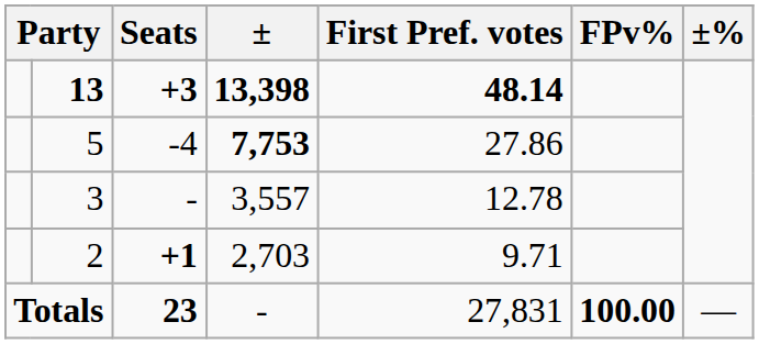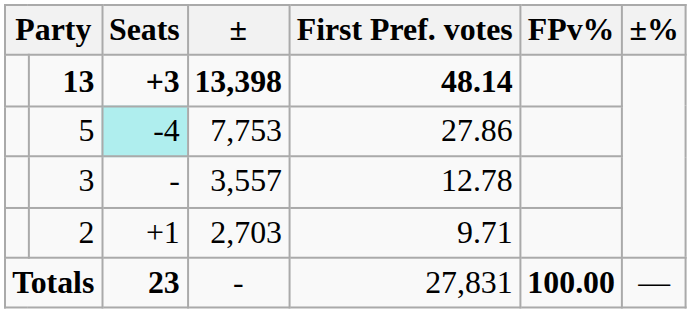 <table class="wikitable sortable" border="1">
 <tr>
 <th colspan=2 align=center>Party</th>
 <th valign=top>Seats</th>
 <th valign=top>±</th>
 <th valign=top>First Pref. votes</th>
 <th valign=top>FPv%</th>
 <th valign=top>±%</th>
 </tr>
 <tr>
 <td></td>
 <td align=right><strong>13</strong></td>
 <td align=right><strong>+3</strong></td>
 <td align=right><strong>13,398</strong></td>
 <td align=right><strong>48.14</strong></td>
 <td align=right></td>
 </tr>
 <tr>
 <td></td>
 <td align=right>5</td>
-<td align=right>-4</td>
-<td align=right><strong>7,753</strong></td>
+<td align=right style="background: paleturquoise;">-4</td>
+<td align=right>7,753</td>
 <td align=right>27.86</td>
 <td align=right></td>
 </tr>
 <tr>
 <td></td>
 <td align=right>3</td>
 <td align=right>-</td>
 <td align=right>3,557</td>
 <td align=right>12.78</td>
 <td align=right></td>
 </tr>
 <tr>
 <td></td>
 <td align=right>2</td>
-<td align=right><strong>+1</strong></td>
+<td align=right>+1</td>
 <td align=right>2,703</td>
 <td align=right>9.71</td>
 <td align=right></td>
 </tr>
 <tr>
 <td colspan=2 align=center><strong>Totals</strong></td>
 <td align=right><strong>23</strong></td>
 <td align=center>-</td>
 <td align=right>27,831</td>
 <td align=center><strong>100.00</strong></td>
 <td align=center>—</td>
 </tr>
 </table>
